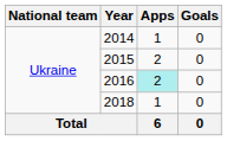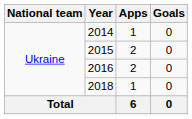 <table class="wikitable" style="text-align:center">
 <tr>
 <th>National team</th>
 <th>Year</th>
 <th>Apps</th>
 <th>Goals</th>
 </tr>
 <tr>
 <td rowspan="4"><a href='#'>Ukraine</a></td>
 <td>2014</td>
 <td>1</td>
 <td>0</td>
 </tr>
 <tr>
 <td>2015</td>
 <td>2</td>
 <td>0</td>
 </tr>
 <tr>
 <td>2016</td>
-<td style="background: paleturquoise;">2</td>
+<td>2</td>
 <td>0</td>
 </tr>
 <tr>
 <td>2018</td>
 <td>1</td>
 <td>0</td>
 </tr>
 <tr>
 <th colspan="2">Total</th>
 <th>6</th>
 <th>0</th>
 </tr>
 </table>
